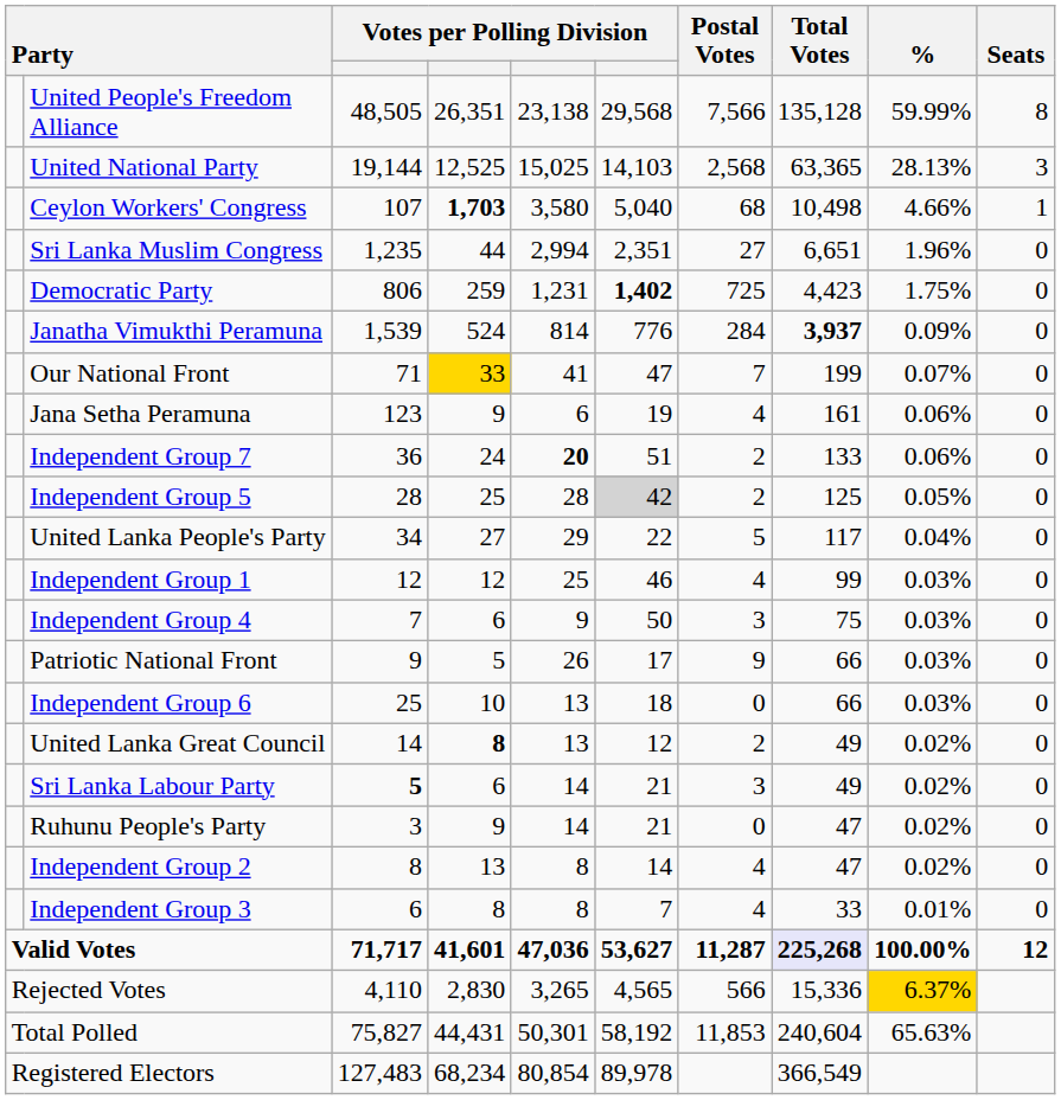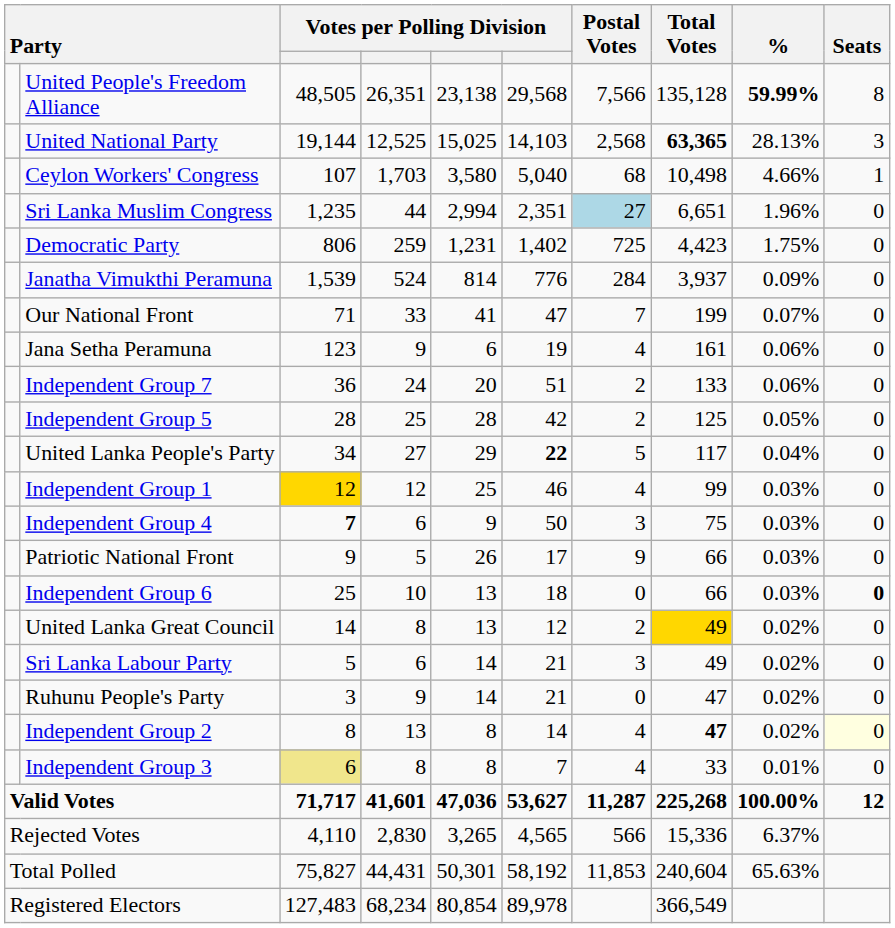 <table class="wikitable" border="1" style="text-align:right;">
 <tr>
 <th style="text-align:left; vertical-align:bottom;" rowspan="2" colspan="2">Party</th>
 <th colspan=4>Votes per Polling Division</th>
 <th rowspan="2" style="vertical-align:bottom; text-align:center; width:50px;">Postal<br>Votes</th>
 <th rowspan="2" style="vertical-align:bottom; text-align:center; width:50px;">Total Votes</th>
 <th rowspan="2" style="vertical-align:bottom; text-align:center; width:50px;">%</th>
 <th rowspan="2" style="vertical-align:bottom; text-align:center; width:40px;">Seats</th>
 </tr>
 <tr>
 <th></th>
 <th></th>
 <th></th>
 <th></th>
 </tr>
 <tr>
 <td bgcolor=> </td>
 <td align=left><a href='#'>United People's Freedom<br>Alliance</a></td>
 <td>48,505</td>
 <td>26,351</td>
 <td>23,138</td>
 <td>29,568</td>
 <td>7,566</td>
 <td>135,128</td>
-<td>59.99%</td>
+<td><strong>59.99%</strong></td>
 <td>8</td>
 </tr>
 <tr>
 <td bgcolor=> </td>
 <td align=left><a href='#'>United National Party</a></td>
 <td>19,144</td>
 <td>12,525</td>
 <td>15,025</td>
 <td>14,103</td>
 <td>2,568</td>
-<td>63,365</td>
+<td><strong>63,365</strong></td>
 <td>28.13%</td>
 <td>3</td>
 </tr>
 <tr>
 <td bgcolor=> </td>
 <td align=left><a href='#'>Ceylon Workers' Congress</a></td>
 <td>107</td>
-<td><strong>1,703</strong></td>
+<td>1,703</td>
 <td>3,580</td>
 <td>5,040</td>
 <td>68</td>
 <td>10,498</td>
 <td>4.66%</td>
 <td>1</td>
 </tr>
 <tr>
 <td bgcolor=> </td>
 <td align=left><a href='#'>Sri Lanka Muslim Congress</a></td>
 <td>1,235</td>
 <td>44</td>
 <td>2,994</td>
 <td>2,351</td>
-<td>27</td>
+<td style="background: lightblue;">27</td>
 <td>6,651</td>
 <td>1.96%</td>
 <td>0</td>
 </tr>
 <tr>
 <td bgcolor=> </td>
 <td align=left><a href='#'>Democratic Party</a></td>
 <td>806</td>
 <td>259</td>
 <td>1,231</td>
-<td><strong>1,402</strong></td>
+<td>1,402</td>
 <td>725</td>
 <td>4,423</td>
 <td>1.75%</td>
 <td>0</td>
 </tr>
 <tr>
 <td bgcolor=> </td>
 <td align=left><a href='#'>Janatha Vimukthi Peramuna</a></td>
 <td>1,539</td>
 <td>524</td>
 <td>814</td>
 <td>776</td>
 <td>284</td>
-<td><strong>3,937</strong></td>
+<td>3,937</td>
 <td>0.09%</td>
 <td>0</td>
 </tr>
 <tr>
 <td bgcolor=> </td>
 <td align=left>Our National Front</td>
 <td>71</td>
-<td style="background: gold;">33</td>
+<td>33</td>
 <td>41</td>
 <td>47</td>
 <td>7</td>
 <td>199</td>
 <td>0.07%</td>
 <td>0</td>
 </tr>
 <tr>
 <td bgcolor=> </td>
 <td align=left>Jana Setha Peramuna</td>
 <td>123</td>
 <td>9</td>
 <td>6</td>
 <td>19</td>
 <td>4</td>
 <td>161</td>
 <td>0.06%</td>
 <td>0</td>
 </tr>
 <tr>
 <td bgcolor=> </td>
 <td align=left><a href='#'>Independent Group 7</a></td>
 <td>36</td>
 <td>24</td>
-<td><strong>20</strong></td>
+<td>20</td>
 <td>51</td>
 <td>2</td>
 <td>133</td>
 <td>0.06%</td>
 <td>0</td>
 </tr>
 <tr>
 <td bgcolor=> </td>
 <td align=left><a href='#'>Independent Group 5</a></td>
 <td>28</td>
 <td>25</td>
 <td>28</td>
-<td style="background: lightgrey;">42</td>
+<td>42</td>
 <td>2</td>
 <td>125</td>
 <td>0.05%</td>
 <td>0</td>
 </tr>
 <tr>
 <td bgcolor=> </td>
 <td align=left>United Lanka People's Party</td>
 <td>34</td>
 <td>27</td>
 <td>29</td>
-<td>22</td>
+<td><strong>22</strong></td>
 <td>5</td>
 <td>117</td>
 <td>0.04%</td>
 <td>0</td>
 </tr>
 <tr>
 <td bgcolor=> </td>
 <td align=left><a href='#'>Independent Group 1</a></td>
-<td>12</td>
+<td style="background: gold;">12</td>
 <td>12</td>
 <td>25</td>
 <td>46</td>
 <td>4</td>
 <td>99</td>
 <td>0.03%</td>
 <td>0</td>
 </tr>
 <tr>
 <td bgcolor=> </td>
 <td align=left><a href='#'>Independent Group 4</a></td>
-<td>7</td>
+<td><strong>7</strong></td>
 <td>6</td>
 <td>9</td>
 <td>50</td>
 <td>3</td>
 <td>75</td>
 <td>0.03%</td>
 <td>0</td>
 </tr>
 <tr>
 <td bgcolor=> </td>
 <td align=left>Patriotic National Front</td>
 <td>9</td>
 <td>5</td>
 <td>26</td>
 <td>17</td>
 <td>9</td>
 <td>66</td>
 <td>0.03%</td>
 <td>0</td>
 </tr>
 <tr>
 <td bgcolor=> </td>
 <td align=left><a href='#'>Independent Group 6</a></td>
 <td>25</td>
 <td>10</td>
 <td>13</td>
 <td>18</td>
 <td>0</td>
 <td>66</td>
 <td>0.03%</td>
-<td>0</td>
+<td><strong>0</strong></td>
 </tr>
 <tr>
 <td bgcolor=> </td>
 <td align=left>United Lanka Great Council</td>
 <td>14</td>
-<td><strong>8</strong></td>
+<td>8</td>
 <td>13</td>
 <td>12</td>
 <td>2</td>
-<td>49</td>
+<td style="background: gold;">49</td>
 <td>0.02%</td>
 <td>0</td>
 </tr>
 <tr>
 <td bgcolor=> </td>
 <td align=left><a href='#'>Sri Lanka Labour Party</a></td>
-<td><strong>5</strong></td>
+<td>5</td>
 <td>6</td>
 <td>14</td>
 <td>21</td>
 <td>3</td>
 <td>49</td>
 <td>0.02%</td>
 <td>0</td>
 </tr>
 <tr>
 <td bgcolor=> </td>
 <td align=left>Ruhunu People's Party</td>
 <td>3</td>
 <td>9</td>
 <td>14</td>
 <td>21</td>
 <td>0</td>
 <td>47</td>
 <td>0.02%</td>
 <td>0</td>
 </tr>
 <tr>
 <td bgcolor=> </td>
 <td align=left><a href='#'>Independent Group 2</a></td>
 <td>8</td>
 <td>13</td>
 <td>8</td>
 <td>14</td>
 <td>4</td>
-<td>47</td>
+<td><strong>47</strong></td>
 <td>0.02%</td>
-<td>0</td>
+<td style="background: lightyellow;">0</td>
 </tr>
 <tr>
 <td bgcolor=> </td>
 <td align=left><a href='#'>Independent Group 3</a></td>
-<td>6</td>
+<td style="background: khaki;">6</td>
 <td>8</td>
 <td>8</td>
 <td>7</td>
 <td>4</td>
 <td>33</td>
 <td>0.01%</td>
 <td>0</td>
 </tr>
 <tr>
 <td align=left colspan="2"><strong>Valid Votes</strong></td>
 <td><strong>71,717</strong></td>
 <td><strong>41,601</strong></td>
 <td><strong>47,036</strong></td>
 <td><strong>53,627</strong></td>
 <td><strong>11,287</strong></td>
-<td style="background: lavender;"><strong>225,268</strong></td>
+<td><strong>225,268</strong></td>
 <td><strong>100.00%</strong></td>
 <td><strong>12</strong></td>
 </tr>
 <tr>
 <td align=left colspan="2">Rejected Votes</td>
 <td>4,110</td>
 <td>2,830</td>
 <td>3,265</td>
 <td>4,565</td>
 <td>566</td>
 <td>15,336</td>
-<td style="background: gold;">6.37%</td>
+<td>6.37%</td>
 <td></td>
 </tr>
 <tr>
 <td align=left colspan="2">Total Polled</td>
 <td>75,827</td>
 <td>44,431</td>
 <td>50,301</td>
 <td>58,192</td>
 <td>11,853</td>
 <td>240,604</td>
 <td>65.63%</td>
 <td></td>
 </tr>
 <tr>
 <td align=left colspan="2">Registered Electors</td>
 <td>127,483</td>
 <td>68,234</td>
 <td>80,854</td>
 <td>89,978</td>
 <td></td>
 <td>366,549</td>
 <td></td>
 <td></td>
 </tr>
 </table>
